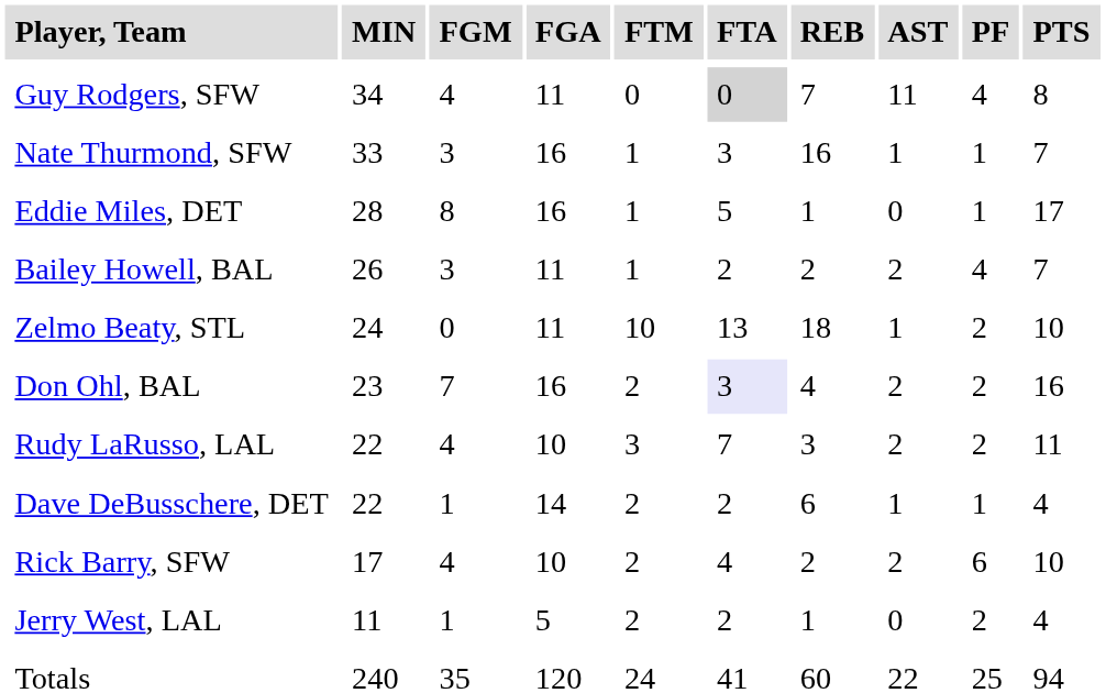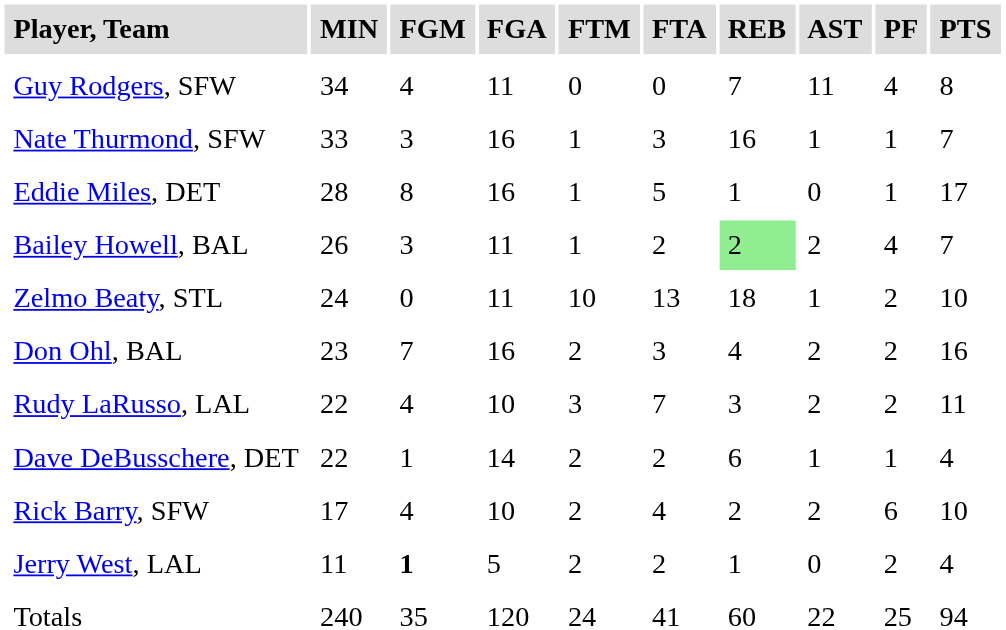 <table cellpadding=5>
 <tr bgcolor="#dddddd">
 <td><strong>Player, Team</strong></td>
 <td><strong>MIN</strong></td>
 <td><strong>FGM</strong></td>
 <td><strong>FGA</strong></td>
 <td><strong>FTM</strong></td>
 <td><strong>FTA</strong></td>
 <td><strong>REB</strong></td>
 <td><strong>AST</strong></td>
 <td><strong>PF</strong></td>
 <td><strong>PTS</strong></td>
 </tr>
 <tr bgcolor="#eeeeee">
 </tr>
 <tr>
 <td><a href='#'>Guy Rodgers</a>, SFW</td>
 <td>34</td>
 <td>4</td>
 <td>11</td>
 <td>0</td>
-<td style="background: lightgrey;">0</td>
+<td>0</td>
 <td>7</td>
 <td>11</td>
 <td>4</td>
 <td>8</td>
 </tr>
 <tr>
 <td><a href='#'>Nate Thurmond</a>, SFW</td>
 <td>33</td>
 <td>3</td>
 <td>16</td>
 <td>1</td>
 <td>3</td>
 <td>16</td>
 <td>1</td>
 <td>1</td>
 <td>7</td>
 </tr>
 <tr>
 <td><a href='#'>Eddie Miles</a>, DET</td>
 <td>28</td>
 <td>8</td>
 <td>16</td>
 <td>1</td>
 <td>5</td>
 <td>1</td>
 <td>0</td>
 <td>1</td>
 <td>17</td>
 </tr>
 <tr>
 <td><a href='#'>Bailey Howell</a>, BAL</td>
 <td>26</td>
 <td>3</td>
 <td>11</td>
 <td>1</td>
 <td>2</td>
-<td>2</td>
+<td style="background: lightgreen;">2</td>
 <td>2</td>
 <td>4</td>
 <td>7</td>
 </tr>
 <tr>
 <td><a href='#'>Zelmo Beaty</a>, STL</td>
 <td>24</td>
 <td>0</td>
 <td>11</td>
 <td>10</td>
 <td>13</td>
 <td>18</td>
 <td>1</td>
 <td>2</td>
 <td>10</td>
 </tr>
 <tr>
 <td><a href='#'>Don Ohl</a>, BAL</td>
 <td>23</td>
 <td>7</td>
 <td>16</td>
 <td>2</td>
-<td style="background: lavender;">3</td>
+<td>3</td>
 <td>4</td>
 <td>2</td>
 <td>2</td>
 <td>16</td>
 </tr>
 <tr>
 <td><a href='#'>Rudy LaRusso</a>, LAL</td>
 <td>22</td>
 <td>4</td>
 <td>10</td>
 <td>3</td>
 <td>7</td>
 <td>3</td>
 <td>2</td>
 <td>2</td>
 <td>11</td>
 </tr>
 <tr>
 <td><a href='#'>Dave DeBusschere</a>, DET</td>
 <td>22</td>
 <td>1</td>
 <td>14</td>
 <td>2</td>
 <td>2</td>
 <td>6</td>
 <td>1</td>
 <td>1</td>
 <td>4</td>
 </tr>
 <tr>
 <td><a href='#'>Rick Barry</a>, SFW</td>
 <td>17</td>
 <td>4</td>
 <td>10</td>
 <td>2</td>
 <td>4</td>
 <td>2</td>
 <td>2</td>
 <td>6</td>
 <td>10</td>
 </tr>
 <tr>
 <td><a href='#'>Jerry West</a>, LAL</td>
 <td>11</td>
-<td>1</td>
+<td><strong>1</strong></td>
 <td>5</td>
 <td>2</td>
 <td>2</td>
 <td>1</td>
 <td>0</td>
 <td>2</td>
 <td>4</td>
 </tr>
 <tr>
 <td>Totals</td>
 <td>240</td>
 <td>35</td>
 <td>120</td>
 <td>24</td>
 <td>41</td>
 <td>60</td>
 <td>22</td>
 <td>25</td>
 <td>94</td>
 </tr>
 <tr>
 </tr>
 </table>
